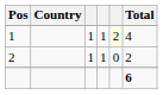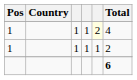 <table class="wikitable">
 <tr>
 <th>Pos</th>
 <th>Country</th>
 <th bgcolor="gold"></th>
 <th bgcolor="silver"></th>
 <th bgcolor="CC9966"></th>
 <th>Total</th>
 </tr>
 <tr>
 </tr>
 <tr>
 <td>1</td>
 <td></td>
 <td>1</td>
 <td>1</td>
 <td style="background: lightyellow;">2</td>
 <td>4</td>
 </tr>
 <tr>
-<td>2</td>
+<td>1</td>
 <td></td>
 <td>1</td>
 <td>1</td>
-<td>0</td>
+<td>1</td>
 <td>2</td>
 </tr>
 <tr>
 </tr>
 <tr>
 <td></td>
 <td></td>
 <td><strong> </strong></td>
 <td><strong> </strong></td>
 <td><strong> </strong></td>
 <td><strong>6</strong></td>
 </tr>
 </table>
